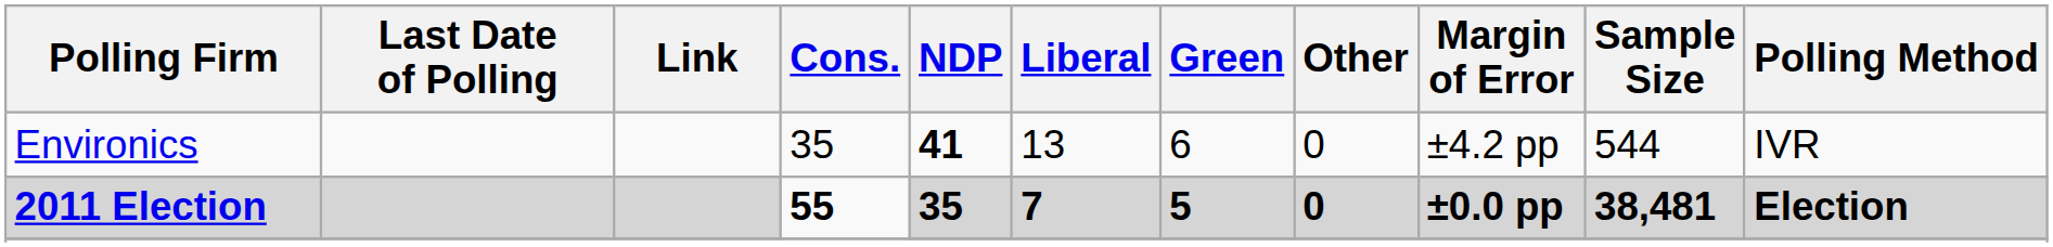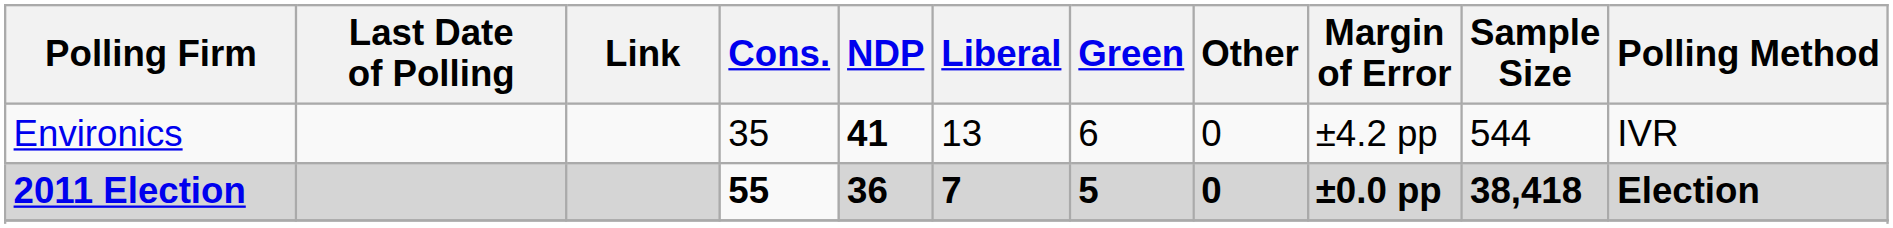 <table class="wikitable sortable">
 <tr style="background:#e9e9e9;">
 <th style="width:120px">Polling Firm</th>
 <th style="width:110px">Last Date<br>of Polling</th>
 <th style="width:60px" class="unsortable">Link</th>
 <th style="background-color:"><strong><a href='#'>Cons.</a></strong></th>
 <th style="background-color:"><strong><a href='#'>NDP</a></strong></th>
 <th style="background-color:"><strong><a href='#'>Liberal</a></strong></th>
 <th style="background-color:"><strong><a href='#'>Green</a></strong></th>
 <th style="background-color:"><strong>Other</strong></th>
 <th style="width:60px;" class=unsortable>Margin<br>of Error</th>
 <th style="width:50px;" class=unsortable>Sample<br>Size</th>
 <th class=unsortable>Polling Method</th>
 </tr>
 <tr>
 <td><a href='#'>Environics</a></td>
 <td></td>
 <td></td>
 <td>35</td>
 <td><strong>41</strong></td>
 <td>13</td>
 <td>6</td>
 <td>0</td>
 <td>±4.2 pp</td>
 <td>544</td>
 <td>IVR</td>
 </tr>
 <tr>
 <td style="background:#D5D5D5"><strong><a href='#'>2011 Election</a></strong></td>
 <td style="background:#D5D5D5"><strong></strong></td>
 <td style="background:#D5D5D5"></td>
 <td><strong>55</strong></td>
-<td style="background:#D5D5D5"><strong>35</strong></td>
+<td style="background:#D5D5D5"><strong>36</strong></td>
 <td style="background:#D5D5D5"><strong>7</strong></td>
 <td style="background:#D5D5D5"><strong>5</strong></td>
 <td style="background:#D5D5D5"><strong>0</strong></td>
 <td style="background:#D5D5D5"><strong>±0.0 pp</strong></td>
-<td style="background:#D5D5D5"><strong>38,481</strong></td>
+<td style="background:#D5D5D5"><strong>38,418</strong></td>
 <td style="background:#D5D5D5"><strong>Election</strong></td>
 </tr>
 <tr>
 </tr>
 <tr>
 </tr>
 </table>
